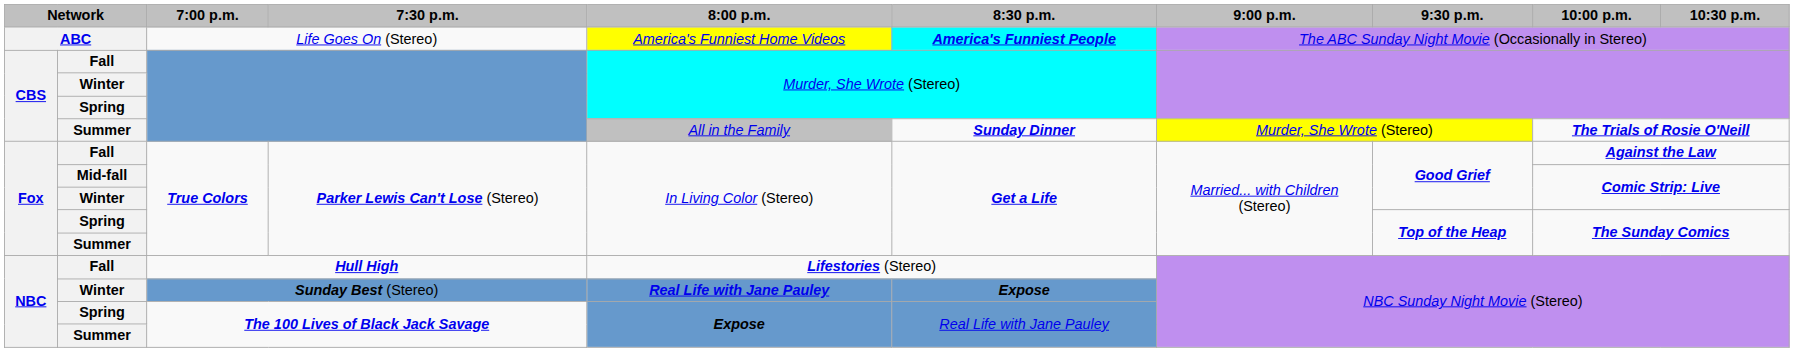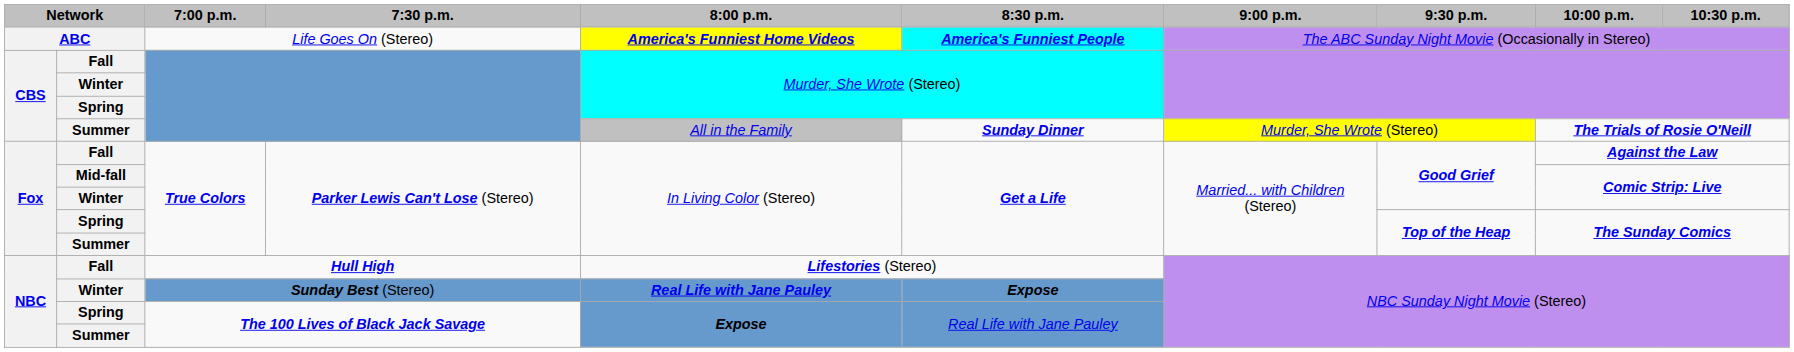 <table class="wikitable" style="width:100%;margin-right:0;text-align:center">
 <tr>
 <th colspan="2" style="background-color:#C0C0C0;text-align:center">Network</th>
 <th style="background-color:#C0C0C0;text-align:center">7:00 p.m.</th>
 <th style="background-color:#C0C0C0;text-align:center">7:30 p.m.</th>
 <th style="background-color:#C0C0C0;text-align:center">8:00 p.m.</th>
 <th style="background-color:#C0C0C0;text-align:center">8:30 p.m.</th>
 <th style="background-color:#C0C0C0;text-align:center">9:00 p.m.</th>
 <th style="background-color:#C0C0C0;text-align:center">9:30 p.m.</th>
 <th style="background-color:#C0C0C0;text-align:center">10:00 p.m.</th>
 <th style="background-color:#C0C0C0;text-align:center">10:30 p.m.</th>
 </tr>
 <tr>
 <th colspan="2"><a href='#'>ABC</a></th>
 <td colspan="2"><em><a href='#'>Life Goes On</a></em> (Stereo)</td>
-<td style="background:#FFFF00;"><em><a href='#'>America's Funniest Home Videos</a></em> </td>
+<td style="background:#FFFF00;"><strong><em><a href='#'>America's Funniest Home Videos</a></em> </strong></td>
 <td style="background:#00FFFF;"><strong><em><a href='#'>America's Funniest People</a></em></strong> </td>
 <td colspan="4" style="background-color:#bf8fef;"><em><a href='#'>The ABC Sunday Night Movie</a></em> (Occasionally in Stereo)</td>
 </tr>
 <tr>
 <th rowspan="4"><a href='#'>CBS</a></th>
 <th>Fall</th>
 <td style="background:#6699CC;" rowspan="4" colspan="2"></td>
 <td style="background:#00FFFF;" rowspan="3" colspan="2"><em><a href='#'>Murder, She Wrote</a></em> (Stereo) </td>
 <td style="background:#bf8fef;" rowspan="3" colspan="4"></td>
 </tr>
 <tr>
 <th>Winter</th>
 </tr>
 <tr>
 <th>Spring</th>
 </tr>
 <tr>
 <th>Summer</th>
 <td style="background:#C0C0C0;"><em><a href='#'>All in the Family</a></em> </td>
 <td><strong><em><a href='#'>Sunday Dinner</a></em></strong></td>
 <td style="background:#FFFF00;" colspan="2"><em><a href='#'>Murder, She Wrote</a></em> (Stereo) </td>
 <td colspan="2"><strong><em><a href='#'>The Trials of Rosie O'Neill</a></em></strong></td>
 </tr>
 <tr>
 <th rowspan="5"><a href='#'>Fox</a></th>
 <th>Fall</th>
 <td rowspan="5"><strong><em><a href='#'>True Colors</a></em></strong></td>
 <td rowspan="5"><strong><em><a href='#'>Parker Lewis Can't Lose</a></em></strong> (Stereo)</td>
 <td rowspan="5"><em><a href='#'>In Living Color</a></em> (Stereo)</td>
 <td rowspan="5"><strong><em><a href='#'>Get a Life</a></em></strong></td>
 <td rowspan="5"><em><a href='#'>Married... with Children</a></em><br>(Stereo)</td>
 <td rowspan="3"><strong><em><a href='#'>Good Grief</a></em></strong></td>
 <td colspan="2"><strong><em><a href='#'>Against the Law</a></em></strong></td>
 </tr>
 <tr>
 <th>Mid-fall</th>
 <td colspan="2" rowspan="2"><strong><em><a href='#'>Comic Strip: Live</a></em></strong></td>
 </tr>
 <tr>
 <th>Winter</th>
 </tr>
 <tr>
 <th>Spring</th>
 <td rowspan="2"><strong><em><a href='#'>Top of the Heap</a></em></strong></td>
 <td colspan="2" rowspan="2"><strong><em><a href='#'>The Sunday Comics</a></em></strong></td>
 </tr>
 <tr>
 <th>Summer</th>
 </tr>
 <tr>
 <th rowspan="4"><a href='#'>NBC</a></th>
 <th>Fall</th>
 <td colspan="2"><strong><em><a href='#'>Hull High</a></em></strong></td>
 <td colspan="2"><strong><em><a href='#'>Lifestories</a></em></strong> (Stereo)</td>
 <td rowspan="4" colspan="4" style="background:#bf8fef;"><em><a href='#'>NBC Sunday Night Movie</a></em> (Stereo)</td>
 </tr>
 <tr>
 <th>Winter</th>
 <td colspan="2" style="background:#6699CC;"><strong><em>Sunday Best</em></strong> (Stereo)</td>
 <td style="background:#6699CC;"><strong><em><a href='#'>Real Life with Jane Pauley</a></em></strong></td>
 <td style="background:#6699CC;"><strong><em>Expose</em></strong></td>
 </tr>
 <tr>
 <th>Spring</th>
 <td colspan="2" rowspan="2"><strong><em><a href='#'>The 100 Lives of Black Jack Savage</a></em></strong></td>
 <td rowspan="2" style="background:#6699CC;"><strong><em>Expose</em></strong></td>
 <td rowspan="2" style="background:#6699CC;"><em><a href='#'>Real Life with Jane Pauley</a></em></td>
 </tr>
 <tr>
 <th>Summer</th>
 </tr>
 </table>
